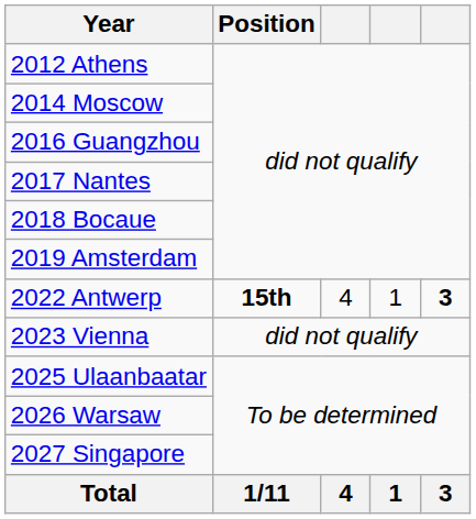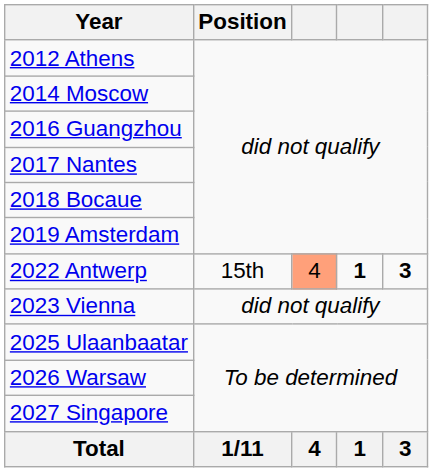 <table class="wikitable" style="text-align: center;">
 <tr>
 <th>Year</th>
 <th>Position</th>
 <th width=25px></th>
 <th width=25px></th>
 <th width=25px></th>
 </tr>
 <tr>
 <td style="text-align:left;"> <a href='#'>2012 Athens</a></td>
 <td colspan=4 rowspan=6><em>did not qualify</em></td>
 </tr>
 <tr>
 <td style="text-align:left;"> <a href='#'>2014 Moscow</a></td>
 </tr>
 <tr>
 <td style="text-align:left;"> <a href='#'>2016 Guangzhou</a></td>
 </tr>
 <tr>
 <td style="text-align:left;"> <a href='#'>2017 Nantes</a></td>
 </tr>
 <tr>
 <td style="text-align:left;"> <a href='#'>2018 Bocaue</a></td>
 </tr>
 <tr>
 <td style="text-align:left;"> <a href='#'>2019 Amsterdam</a></td>
 </tr>
 <tr>
 <td style="text-align:left;"> <a href='#'>2022 Antwerp</a></td>
-<td><strong>15th</strong></td>
-<td>4</td>
-<td>1</td>
+<td>15th</td>
+<td style="background: lightsalmon;">4</td>
+<td><strong>1</strong></td>
 <td><strong>3</strong></td>
 </tr>
 <tr>
 <td style="text-align:left;"> <a href='#'>2023 Vienna</a></td>
 <td colspan=4 rowspan=1><em>did not qualify</em></td>
 </tr>
 <tr>
 <td style="text-align: left;"> <a href='#'>2025 Ulaanbaatar</a></td>
 <td colspan="4" rowspan="3"><em>To be determined</em></td>
 </tr>
 <tr>
 <td style="text-align: left;"> <a href='#'>2026 Warsaw</a></td>
 </tr>
 <tr>
 <td style="text-align: left;"> <a href='#'>2027 Singapore</a></td>
 </tr>
 <tr>
 <th>Total</th>
 <th>1/11</th>
 <th>4</th>
 <th>1</th>
 <th>3</th>
 </tr>
 </table>
